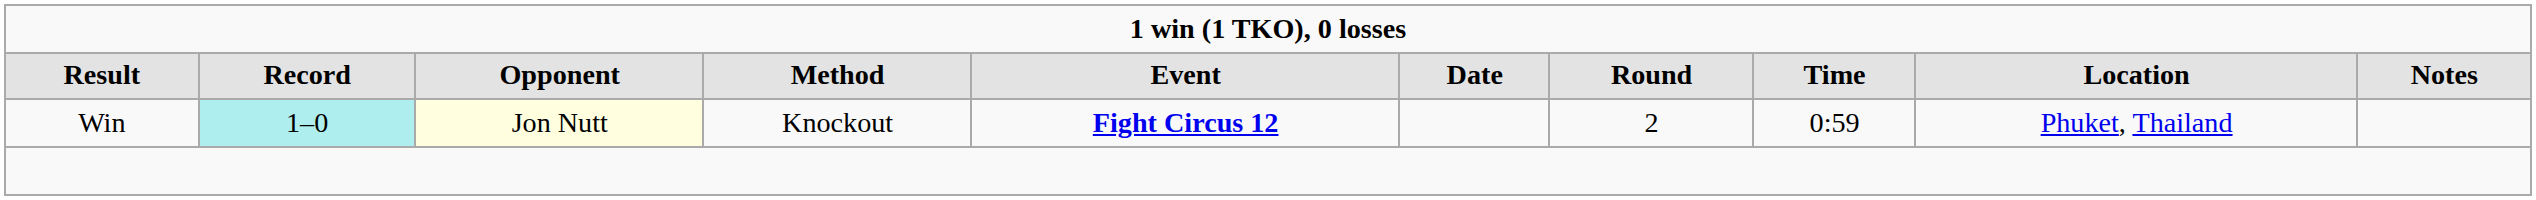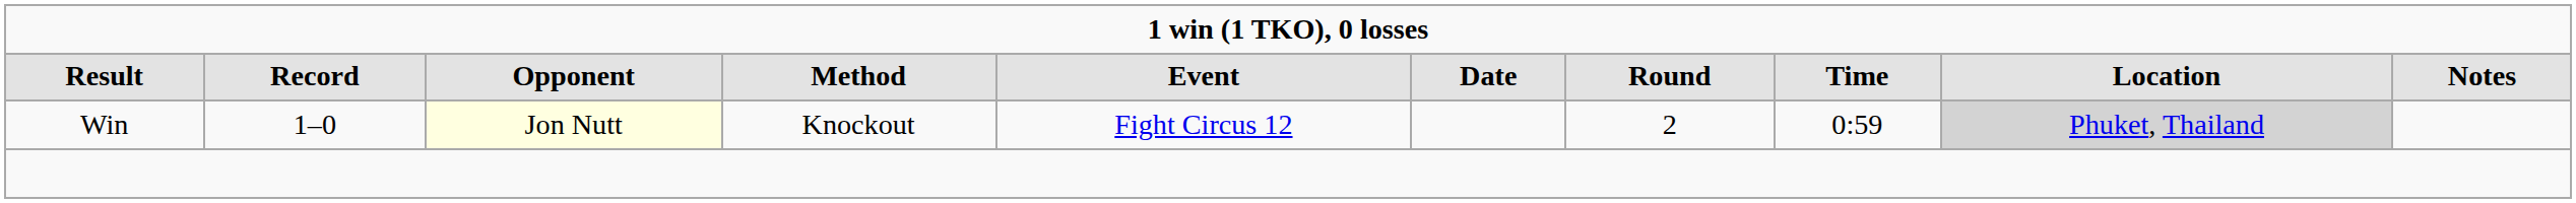 <table style="width:100%; clear:both; margin:1.5em auto; text-align:center; font-size:88%;" class="wikitable sortable">
 <tr>
 <td colspan=10><strong>1 win (1 TKO), 0 losses</strong></td>
 </tr>
 <tr>
 <th style="border-style: none none solid solid; background: #e3e3e3"><strong>Result</strong></th>
 <th style="border-style: none none solid solid; background: #e3e3e3"><strong>Record</strong></th>
 <th style="border-style: none none solid solid; background: #e3e3e3"><strong>Opponent</strong></th>
 <th style="border-style: none none solid solid; background: #e3e3e3"><strong>Method</strong></th>
 <th style="border-style: none none solid solid; background: #e3e3e3"><strong>Event</strong></th>
 <th style="border-style: none none solid solid; background: #e3e3e3"><strong>Date</strong></th>
 <th style="border-style: none none solid solid; background: #e3e3e3"><strong>Round</strong></th>
 <th style="border-style: none none solid solid; background: #e3e3e3"><strong>Time</strong></th>
 <th style="border-style: none none solid solid; background: #e3e3e3"><strong>Location</strong></th>
 <th style="border-style: none none solid solid; background: #e3e3e3"><strong>Notes</strong></th>
 </tr>
 <tr>
 <td>Win</td>
-<td align=center style="background: paleturquoise;">1–0</td>
+<td align=center>1–0</td>
 <td style="background: lightyellow;">Jon Nutt</td>
 <td>Knockout</td>
-<td><strong><a href='#'>Fight Circus 12</a></strong></td>
+<td><a href='#'>Fight Circus 12</a></td>
 <td></td>
 <td align=center>2</td>
 <td align=center>0:59</td>
-<td><a href='#'>Phuket</a>, <a href='#'>Thailand</a></td>
+<td style="background: lightgrey;"><a href='#'>Phuket</a>, <a href='#'>Thailand</a></td>
 <td align=left></td>
 </tr>
 <tr>
 <td colspan=10><br></td>
 </tr>
 </table>
